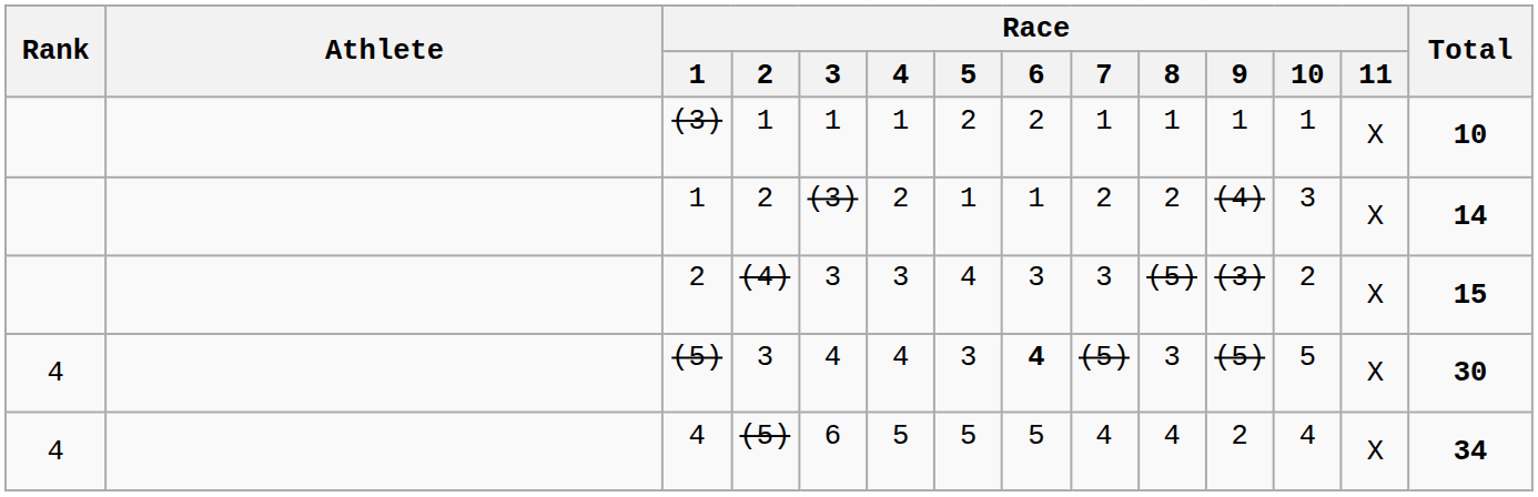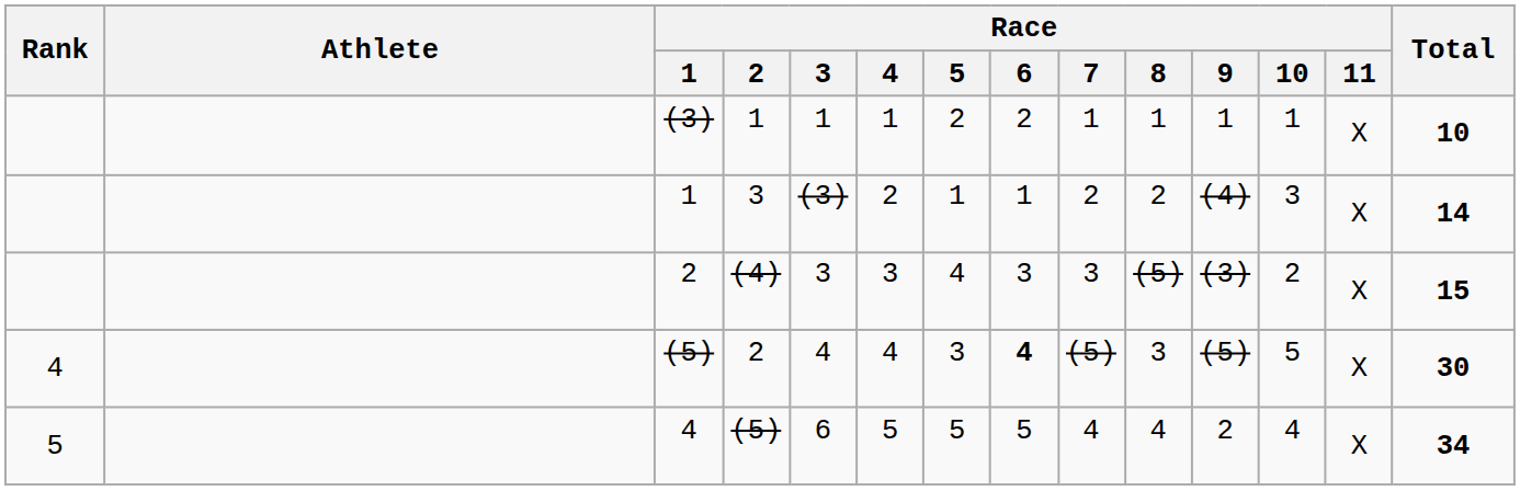 <table | class="wikitable" style="text-align:center">
 <tr>
 <th rowspan="2" width=40>Rank</th>
 <th rowspan="2" width=250>Athlete</th>
 <th colspan="11">Race</th>
 <th rowspan="2" width=50>Total</th>
 </tr>
 <tr>
 <th width=25>1</th>
 <th width=25>2</th>
 <th width=25>3</th>
 <th width=25>4</th>
 <th width=25>5</th>
 <th width=25>6</th>
 <th width=25>7</th>
 <th width=25>8</th>
 <th width=25>9</th>
 <th width=25>10</th>
 <th width=25>11</th>
 </tr>
 <tr>
 <td></td>
 <td align=left></td>
 <td><s>(3)</s><br> </td>
 <td>1<br> </td>
 <td>1<br> </td>
 <td>1<br> </td>
 <td>2<br> </td>
 <td>2<br> </td>
 <td>1<br> </td>
 <td>1<br> </td>
 <td>1<br> </td>
 <td>1<br> </td>
 <td>X</td>
 <td><strong>10</strong></td>
 </tr>
 <tr>
 <td></td>
 <td align=left></td>
 <td>1<br> </td>
-<td>2<br> </td>
+<td>3<br> </td>
 <td><s>(3)</s><br> </td>
 <td>2<br> </td>
 <td>1<br> </td>
 <td>1<br> </td>
 <td>2<br> </td>
 <td>2<br> </td>
 <td><s>(4)</s><br> </td>
 <td>3<br> </td>
 <td>X</td>
 <td><strong>14</strong></td>
 </tr>
 <tr>
 <td></td>
 <td align=left></td>
 <td>2<br> </td>
 <td><s>(4)</s><br> </td>
 <td>3<br> </td>
 <td>3<br> </td>
 <td>4<br> </td>
 <td>3<br> </td>
 <td>3<br> </td>
 <td><s>(5)</s><br> </td>
 <td><s>(3)</s><br> </td>
 <td>2<br> </td>
 <td>X</td>
 <td><strong>15</strong></td>
 </tr>
 <tr>
 <td>4</td>
 <td align=left></td>
 <td><s>(5)</s><br> </td>
-<td>3<br> </td>
+<td>2<br> </td>
 <td>4<br> </td>
 <td>4<br> </td>
 <td>3<br> </td>
 <td><strong>4<br> </strong></td>
 <td><s>(5)</s><br> </td>
 <td>3<br> </td>
 <td><s>(5)</s><br> </td>
 <td>5<br> </td>
 <td>X</td>
 <td><strong>30</strong></td>
 </tr>
 <tr>
-<td>4</td>
+<td>5</td>
 <td align=left></td>
 <td>4<br> </td>
 <td><s>(5)</s><br> </td>
 <td>6<br> </td>
 <td>5<br> </td>
 <td>5<br> </td>
 <td>5<br> </td>
 <td>4<br> </td>
 <td>4<br> </td>
 <td>2<br> </td>
 <td>4<br> </td>
 <td>X</td>
 <td><strong>34</strong></td>
 </tr>
 </table>
